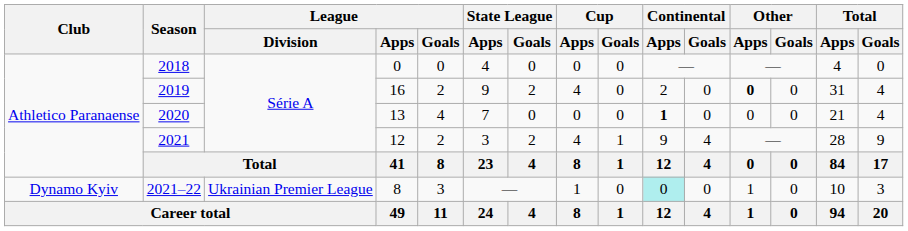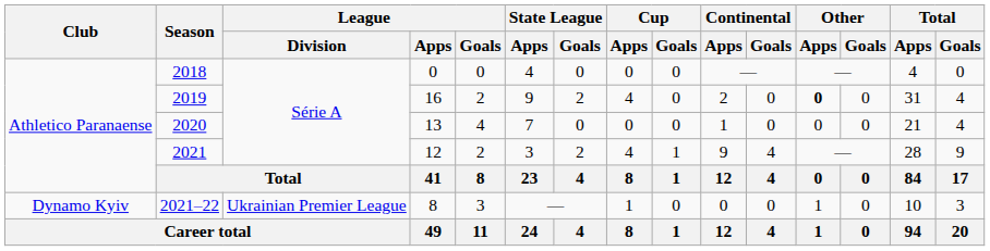 <table class="wikitable" style="text-align: center">
 <tr>
 <th rowspan="2">Club</th>
 <th rowspan="2">Season</th>
 <th colspan="3">League</th>
 <th colspan="2">State League</th>
 <th colspan="2">Cup</th>
 <th colspan="2">Continental</th>
 <th colspan="2">Other</th>
 <th colspan="2">Total</th>
 </tr>
 <tr>
 <th>Division</th>
 <th>Apps</th>
 <th>Goals</th>
 <th>Apps</th>
 <th>Goals</th>
 <th>Apps</th>
 <th>Goals</th>
 <th>Apps</th>
 <th>Goals</th>
 <th>Apps</th>
 <th>Goals</th>
 <th>Apps</th>
 <th>Goals</th>
 </tr>
 <tr>
 <td rowspan="5"><a href='#'>Athletico Paranaense</a></td>
 <td><a href='#'>2018</a></td>
 <td rowspan="4"><a href='#'>Série A</a></td>
 <td>0</td>
 <td>0</td>
 <td>4</td>
 <td>0</td>
 <td>0</td>
 <td>0</td>
 <td colspan="2">—</td>
 <td colspan="2">—</td>
 <td>4</td>
 <td>0</td>
 </tr>
 <tr>
 <td><a href='#'>2019</a></td>
 <td>16</td>
 <td>2</td>
 <td>9</td>
 <td>2</td>
 <td>4</td>
 <td>0</td>
 <td>2</td>
 <td>0</td>
 <td><strong>0</strong></td>
 <td>0</td>
 <td>31</td>
 <td>4</td>
 </tr>
 <tr>
 <td><a href='#'>2020</a></td>
 <td>13</td>
 <td>4</td>
 <td>7</td>
 <td>0</td>
 <td>0</td>
 <td>0</td>
-<td><strong>1</strong></td>
+<td>1</td>
 <td>0</td>
 <td>0</td>
 <td>0</td>
 <td>21</td>
 <td>4</td>
 </tr>
 <tr>
 <td><a href='#'>2021</a></td>
 <td>12</td>
 <td>2</td>
 <td>3</td>
 <td>2</td>
 <td>4</td>
 <td>1</td>
 <td>9</td>
 <td>4</td>
 <td colspan="2">—</td>
 <td>28</td>
 <td>9</td>
 </tr>
 <tr>
 <th colspan="2">Total</th>
 <th>41</th>
 <th>8</th>
 <th>23</th>
 <th>4</th>
 <th>8</th>
 <th>1</th>
 <th>12</th>
 <th>4</th>
 <th>0</th>
 <th>0</th>
 <th>84</th>
 <th>17</th>
 </tr>
 <tr>
 <td><a href='#'>Dynamo Kyiv</a></td>
 <td><a href='#'>2021–22</a></td>
 <td><a href='#'>Ukrainian Premier League</a></td>
 <td>8</td>
 <td>3</td>
 <td colspan="2">—</td>
 <td>1</td>
 <td>0</td>
-<td style="background: paleturquoise;">0</td>
+<td>0</td>
 <td>0</td>
 <td>1</td>
 <td>0</td>
 <td>10</td>
 <td>3</td>
 </tr>
 <tr>
 <th colspan="3"><strong>Career total</strong></th>
 <th>49</th>
 <th>11</th>
 <th>24</th>
 <th>4</th>
 <th>8</th>
 <th>1</th>
 <th>12</th>
 <th>4</th>
 <th>1</th>
 <th>0</th>
 <th>94</th>
 <th>20</th>
 </tr>
 </table>
